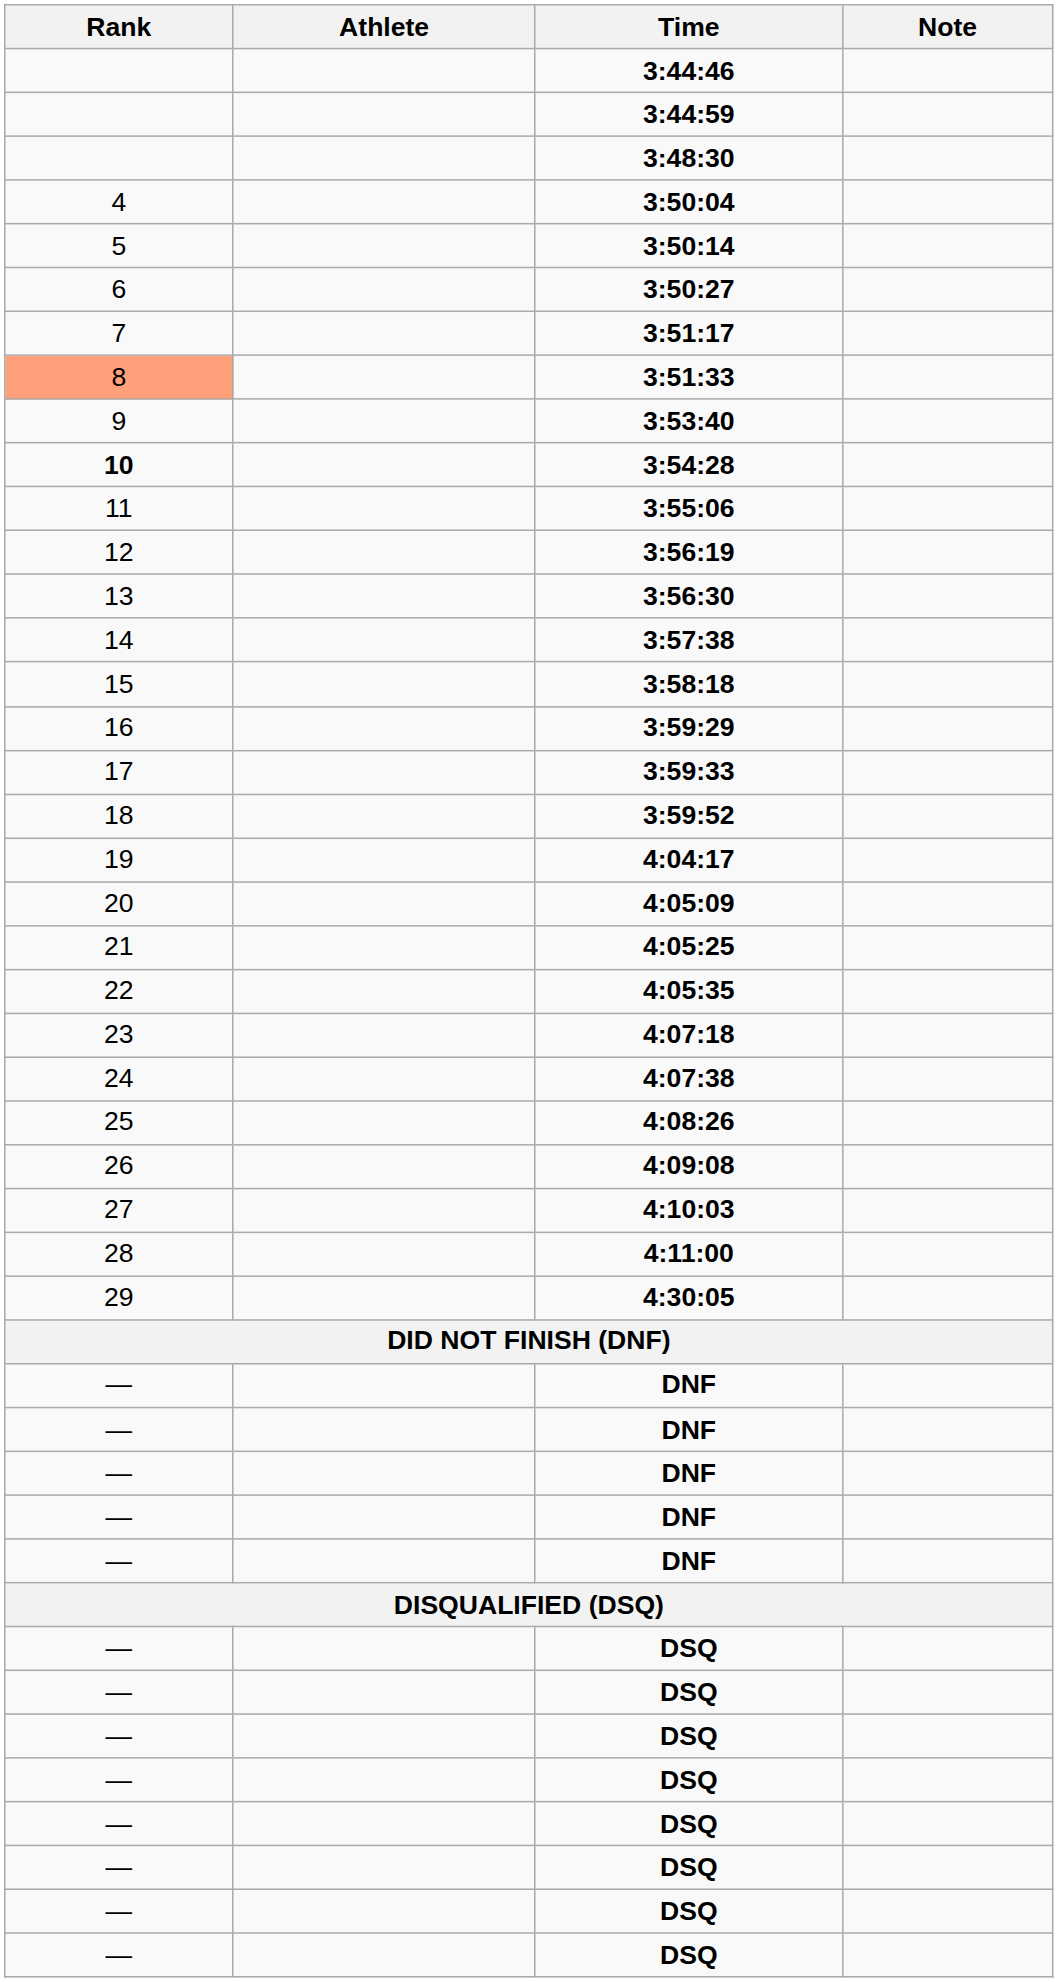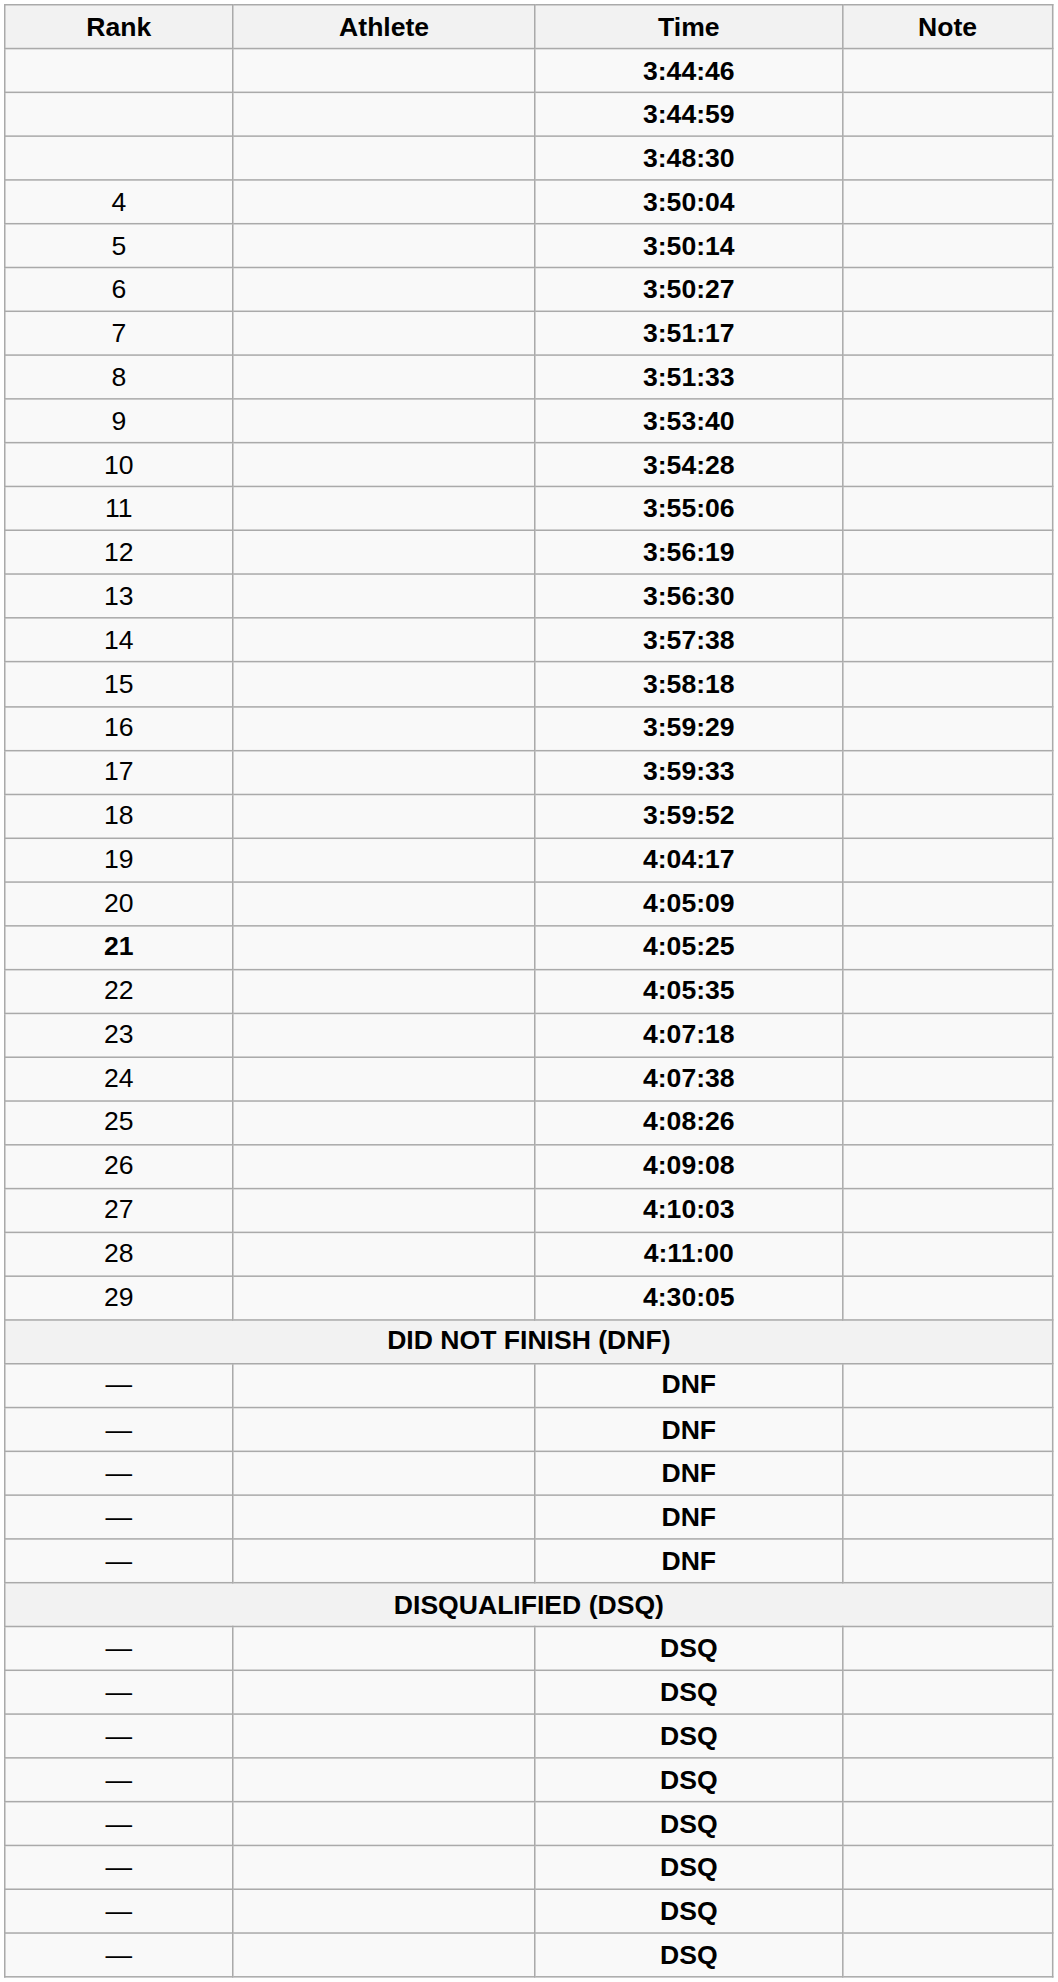 <table class="wikitable" style=" text-align:center; font-size:110%;" width="55%">
 <tr>
 <th>Rank</th>
 <th>Athlete</th>
 <th>Time</th>
 <th>Note</th>
 </tr>
 <tr>
 <td></td>
 <td align=left></td>
 <td><strong>3:44:46</strong></td>
 <td></td>
 </tr>
 <tr>
 <td></td>
 <td align=left></td>
 <td><strong>3:44:59</strong></td>
 <td></td>
 </tr>
 <tr>
 <td></td>
 <td align=left></td>
 <td><strong>3:48:30</strong></td>
 <td></td>
 </tr>
 <tr>
 <td>4</td>
 <td align=left></td>
 <td><strong>3:50:04</strong></td>
 <td></td>
 </tr>
 <tr>
 <td>5</td>
 <td align=left></td>
 <td><strong>3:50:14</strong></td>
 <td></td>
 </tr>
 <tr>
 <td>6</td>
 <td align=left></td>
 <td><strong>3:50:27</strong></td>
 <td></td>
 </tr>
 <tr>
 <td>7</td>
 <td align=left></td>
 <td><strong>3:51:17</strong></td>
 <td></td>
 </tr>
 <tr>
-<td style="background: lightsalmon;">8</td>
+<td>8</td>
 <td align=left></td>
 <td><strong>3:51:33</strong></td>
 <td></td>
 </tr>
 <tr>
 <td>9</td>
 <td align=left></td>
 <td><strong>3:53:40</strong></td>
 <td></td>
 </tr>
 <tr>
-<td><strong>10</strong></td>
+<td>10</td>
 <td align=left></td>
 <td><strong>3:54:28</strong></td>
 <td></td>
 </tr>
 <tr>
 <td>11</td>
 <td align=left></td>
 <td><strong>3:55:06</strong></td>
 <td></td>
 </tr>
 <tr>
 <td>12</td>
 <td align=left></td>
 <td><strong>3:56:19</strong></td>
 <td></td>
 </tr>
 <tr>
 <td>13</td>
 <td align=left></td>
 <td><strong>3:56:30</strong></td>
 <td></td>
 </tr>
 <tr>
 <td>14</td>
 <td align=left></td>
 <td><strong>3:57:38</strong></td>
 <td></td>
 </tr>
 <tr>
 <td>15</td>
 <td align=left></td>
 <td><strong>3:58:18</strong></td>
 <td></td>
 </tr>
 <tr>
 <td>16</td>
 <td align=left></td>
 <td><strong>3:59:29</strong></td>
 <td></td>
 </tr>
 <tr>
 <td>17</td>
 <td align=left></td>
 <td><strong>3:59:33</strong></td>
 <td></td>
 </tr>
 <tr>
 <td>18</td>
 <td align=left></td>
 <td><strong>3:59:52</strong></td>
 <td></td>
 </tr>
 <tr>
 <td>19</td>
 <td align=left></td>
 <td><strong>4:04:17</strong></td>
 <td></td>
 </tr>
 <tr>
 <td>20</td>
 <td align=left></td>
 <td><strong>4:05:09</strong></td>
 <td></td>
 </tr>
 <tr>
-<td>21</td>
+<td><strong>21</strong></td>
 <td align=left></td>
 <td><strong>4:05:25</strong></td>
 <td></td>
 </tr>
 <tr>
 <td>22</td>
 <td align=left></td>
 <td><strong>4:05:35</strong></td>
 <td></td>
 </tr>
 <tr>
 <td>23</td>
 <td align=left></td>
 <td><strong>4:07:18</strong></td>
 <td></td>
 </tr>
 <tr>
 <td>24</td>
 <td align=left></td>
 <td><strong>4:07:38</strong></td>
 <td></td>
 </tr>
 <tr>
 <td>25</td>
 <td align=left></td>
 <td><strong>4:08:26</strong></td>
 <td></td>
 </tr>
 <tr>
 <td>26</td>
 <td align=left></td>
 <td><strong>4:09:08</strong></td>
 <td></td>
 </tr>
 <tr>
 <td>27</td>
 <td align=left></td>
 <td><strong>4:10:03</strong></td>
 <td></td>
 </tr>
 <tr>
 <td>28</td>
 <td align=left></td>
 <td><strong>4:11:00</strong></td>
 <td></td>
 </tr>
 <tr>
 <td>29</td>
 <td align=left></td>
 <td><strong>4:30:05</strong></td>
 <td></td>
 </tr>
 <tr>
 <th colspan="4">DID NOT FINISH (DNF)</th>
 </tr>
 <tr>
 <td>—</td>
 <td align=left></td>
 <td><strong>DNF</strong></td>
 <td></td>
 </tr>
 <tr>
 <td>—</td>
 <td align=left></td>
 <td><strong>DNF</strong></td>
 <td></td>
 </tr>
 <tr>
 <td>—</td>
 <td align=left></td>
 <td><strong>DNF</strong></td>
 <td></td>
 </tr>
 <tr>
 <td>—</td>
 <td align=left></td>
 <td><strong>DNF</strong></td>
 <td></td>
 </tr>
 <tr>
 <td>—</td>
 <td align=left></td>
 <td><strong>DNF</strong></td>
 <td></td>
 </tr>
 <tr>
 <th colspan="4">DISQUALIFIED (DSQ)</th>
 </tr>
 <tr>
 <td>—</td>
 <td align=left></td>
 <td><strong>DSQ</strong></td>
 <td></td>
 </tr>
 <tr>
 <td>—</td>
 <td align=left></td>
 <td><strong>DSQ</strong></td>
 <td></td>
 </tr>
 <tr>
 <td>—</td>
 <td align=left></td>
 <td><strong>DSQ</strong></td>
 <td></td>
 </tr>
 <tr>
 <td>—</td>
 <td align=left></td>
 <td><strong>DSQ</strong></td>
 <td></td>
 </tr>
 <tr>
 <td>—</td>
 <td align=left></td>
 <td><strong>DSQ</strong></td>
 <td></td>
 </tr>
 <tr>
 <td>—</td>
 <td align=left></td>
 <td><strong>DSQ</strong></td>
 <td></td>
 </tr>
 <tr>
 <td>—</td>
 <td align=left></td>
 <td><strong>DSQ</strong></td>
 <td></td>
 </tr>
 <tr>
 <td>—</td>
 <td align=left></td>
 <td><strong>DSQ</strong></td>
 <td></td>
 </tr>
 </table>
